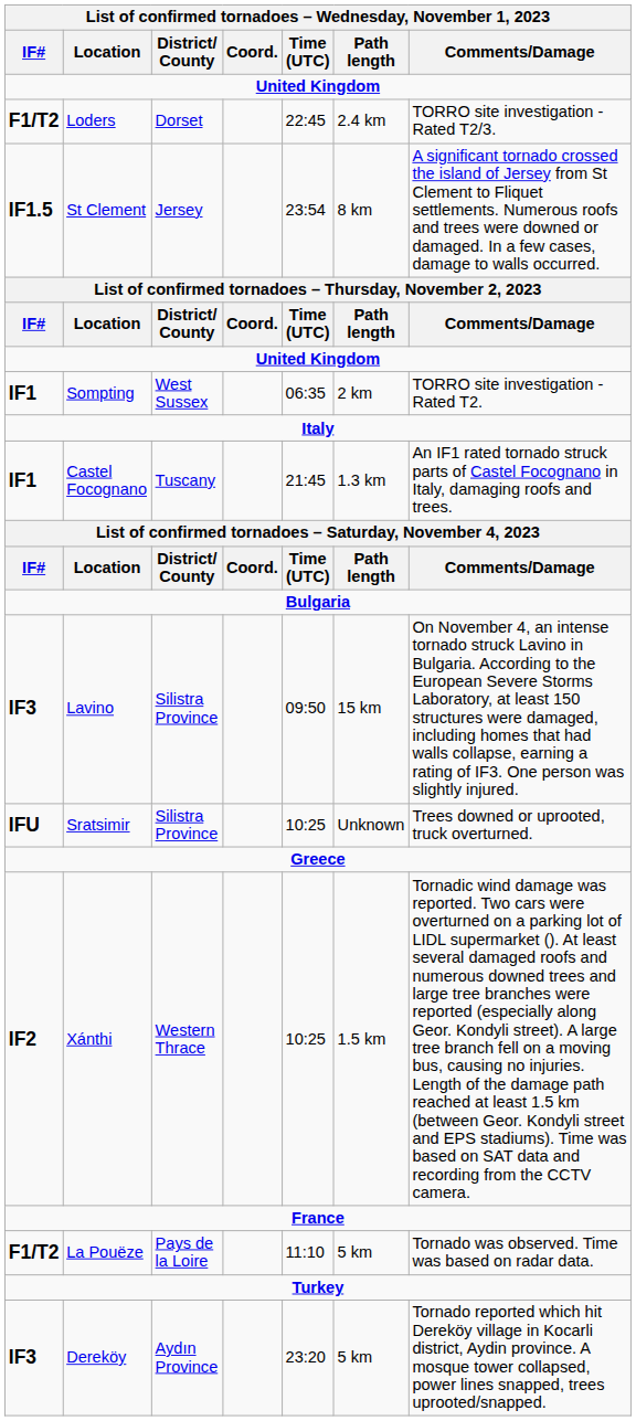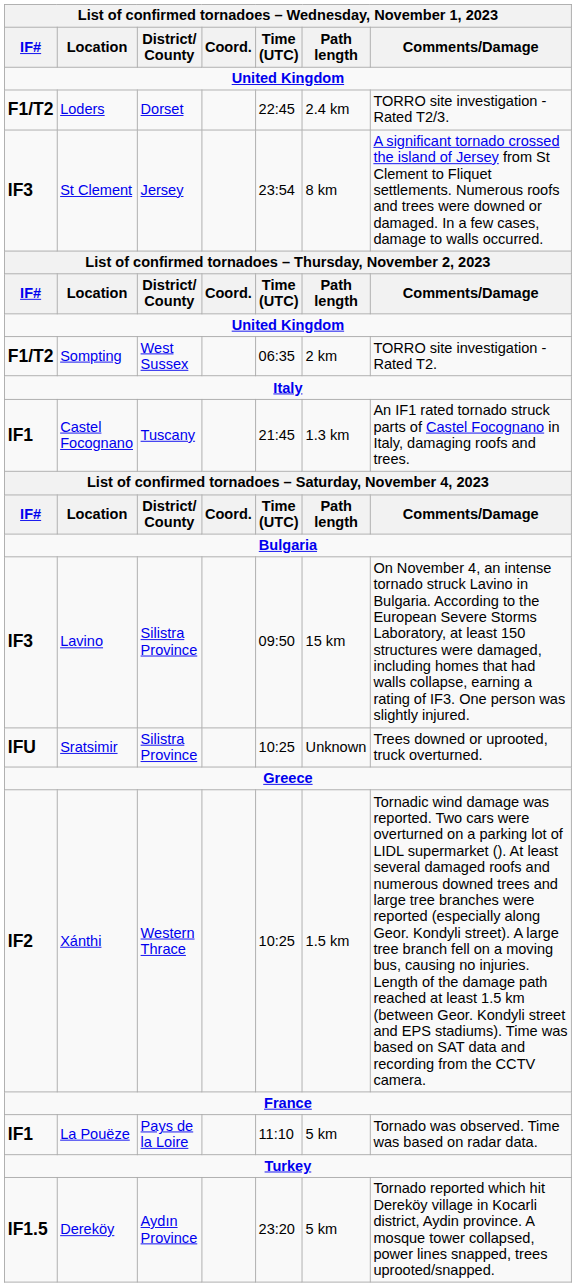 <table class="wikitable collapsible" width="100%">
 <tr>
 <th colspan="8">List of confirmed tornadoes – Wednesday, November 1, 2023</th>
 </tr>
 <tr>
 <th><a href='#'>IF#</a></th>
 <th>Location</th>
 <th>District/<br>County</th>
 <th>Coord.</th>
 <th>Time (UTC)</th>
 <th>Path length</th>
 <th>Comments/Damage</th>
 </tr>
 <tr>
 <td colspan="8" align=center><strong><a href='#'>United Kingdom</a></strong></td>
 </tr>
 <tr>
 <td><big><strong>F1/T2</strong></big></td>
 <td><a href='#'>Loders</a></td>
 <td><a href='#'>Dorset</a></td>
 <td></td>
 <td>22:45</td>
 <td>2.4 km</td>
 <td>TORRO site investigation - Rated T2/3.</td>
 </tr>
 <tr>
-<td bgcolor=><big><strong>IF1.5</strong></big></td>
+<td><big><strong>IF3</strong></big></td>
 <td><a href='#'>St Clement</a></td>
 <td><a href='#'>Jersey</a></td>
 <td></td>
 <td>23:54</td>
 <td>8 km</td>
 <td><a href='#'>A significant tornado crossed the island of Jersey</a> from St Clement to Fliquet settlements. Numerous roofs and trees were downed or damaged. In a few cases, damage to walls occurred.</td>
 </tr>
 <tr>
 <th colspan="8">List of confirmed tornadoes – Thursday, November 2, 2023</th>
 </tr>
 <tr>
 <th><a href='#'>IF#</a></th>
 <th>Location</th>
 <th>District/<br>County</th>
 <th>Coord.</th>
 <th>Time (UTC)</th>
 <th>Path length</th>
 <th>Comments/Damage</th>
 </tr>
 <tr>
 <td colspan="8" align=center><strong><a href='#'>United Kingdom</a></strong></td>
 </tr>
 <tr>
-<td bgcolor=><big><strong>IF1</strong></big></td>
+<td><big><strong>F1/T2</strong></big></td>
 <td><a href='#'>Sompting</a></td>
 <td><a href='#'>West Sussex</a></td>
 <td></td>
 <td>06:35</td>
 <td>2 km</td>
 <td>TORRO site investigation - Rated T2.</td>
 </tr>
 <tr>
 <td colspan="8" align=center><strong><a href='#'>Italy</a></strong></td>
 </tr>
 <tr>
 <td><big><strong>IF1</strong></big></td>
 <td><a href='#'>Castel Focognano</a></td>
 <td><a href='#'>Tuscany</a></td>
 <td></td>
 <td>21:45</td>
 <td>1.3 km</td>
 <td>An IF1 rated tornado struck parts of <a href='#'>Castel Focognano</a> in Italy, damaging roofs and trees.</td>
 </tr>
 <tr>
 <th colspan="8">List of confirmed tornadoes – Saturday, November 4, 2023</th>
 </tr>
 <tr>
 <th><a href='#'>IF#</a></th>
 <th>Location</th>
 <th>District/<br>County</th>
 <th>Coord.</th>
 <th>Time (UTC)</th>
 <th>Path length</th>
 <th>Comments/Damage</th>
 </tr>
 <tr>
 <td colspan="8" align=center><strong><a href='#'>Bulgaria</a></strong></td>
 </tr>
 <tr>
 <td><big><strong>IF3</strong></big></td>
 <td><a href='#'>Lavino</a></td>
 <td><a href='#'>Silistra Province</a></td>
 <td></td>
 <td>09:50</td>
 <td>15 km</td>
 <td>On November 4, an intense tornado struck Lavino in Bulgaria. According to the European Severe Storms Laboratory, at least 150 structures were damaged, including homes that had walls collapse, earning a rating of IF3. One person was slightly injured.</td>
 </tr>
 <tr>
 <td><big><strong>IFU</strong></big></td>
 <td><a href='#'>Sratsimir</a></td>
 <td><a href='#'>Silistra Province</a></td>
 <td></td>
 <td>10:25</td>
 <td>Unknown</td>
 <td>Trees downed or uprooted, truck overturned.</td>
 </tr>
 <tr>
 <td colspan="8" align=center><strong><a href='#'>Greece</a></strong></td>
 </tr>
 <tr>
 <td bgcolor=><big><strong>IF2</strong></big></td>
 <td><a href='#'>Xánthi</a></td>
 <td><a href='#'>Western Thrace</a></td>
 <td></td>
 <td>10:25</td>
 <td>1.5 km</td>
 <td>Tornadic wind damage was reported. Two cars were overturned on a parking lot of LIDL supermarket (). At least several damaged roofs and numerous downed trees and large tree branches were reported (especially along Geor. Kondyli street). A large tree branch fell on a moving bus, causing no injuries. Length of the damage path reached at least 1.5 km (between Geor. Kondyli street and EPS stadiums). Time was based on SAT data and recording from the CCTV camera.</td>
 </tr>
 <tr>
 <td colspan="8" align=center><strong><a href='#'>France</a></strong></td>
 </tr>
 <tr>
-<td><big><strong>F1/T2</strong></big></td>
+<td bgcolor=><big><strong>IF1</strong></big></td>
 <td><a href='#'>La Pouëze</a></td>
 <td><a href='#'>Pays de la Loire</a></td>
 <td></td>
 <td>11:10</td>
 <td>5 km</td>
 <td>Tornado was observed. Time was based on radar data.</td>
 </tr>
 <tr>
 <td colspan="8" align=center><strong><a href='#'>Turkey</a></strong></td>
 </tr>
 <tr>
-<td><big><strong>IF3</strong></big></td>
+<td bgcolor=><big><strong>IF1.5</strong></big></td>
 <td><a href='#'>Dereköy</a></td>
 <td><a href='#'>Aydın Province</a></td>
 <td></td>
 <td>23:20</td>
 <td>5 km</td>
 <td>Tornado reported which hit Dereköy village in Kocarli district, Aydin province. A mosque tower collapsed, power lines snapped, trees uprooted/snapped.</td>
 </tr>
 </table>
